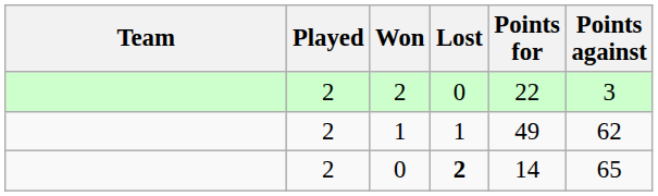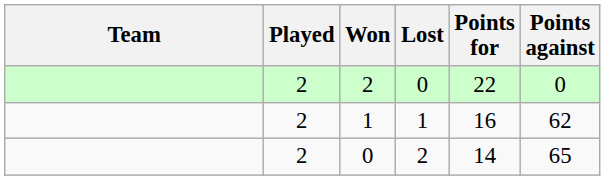 <table class="wikitable" style="text-align:center;">
 <tr>
 <th width=175>Team</th>
 <th width=20>Played</th>
 <th width=20>Won</th>
 <th width=20>Lost</th>
 <th width=20>Points for</th>
 <th width=20>Points against</th>
 </tr>
 <tr bgcolor=#ccffcc>
 <td style="text-align:left;"></td>
 <td>2</td>
 <td>2</td>
 <td>0</td>
 <td>22</td>
-<td>3</td>
+<td>0</td>
 </tr>
 <tr>
 <td style="text-align:left;"></td>
 <td>2</td>
 <td>1</td>
 <td>1</td>
-<td>49</td>
+<td>16</td>
 <td>62</td>
 </tr>
 <tr>
 <td style="text-align:left;"></td>
 <td>2</td>
 <td>0</td>
-<td><strong>2</strong></td>
+<td>2</td>
 <td>14</td>
 <td>65</td>
 </tr>
 </table>
